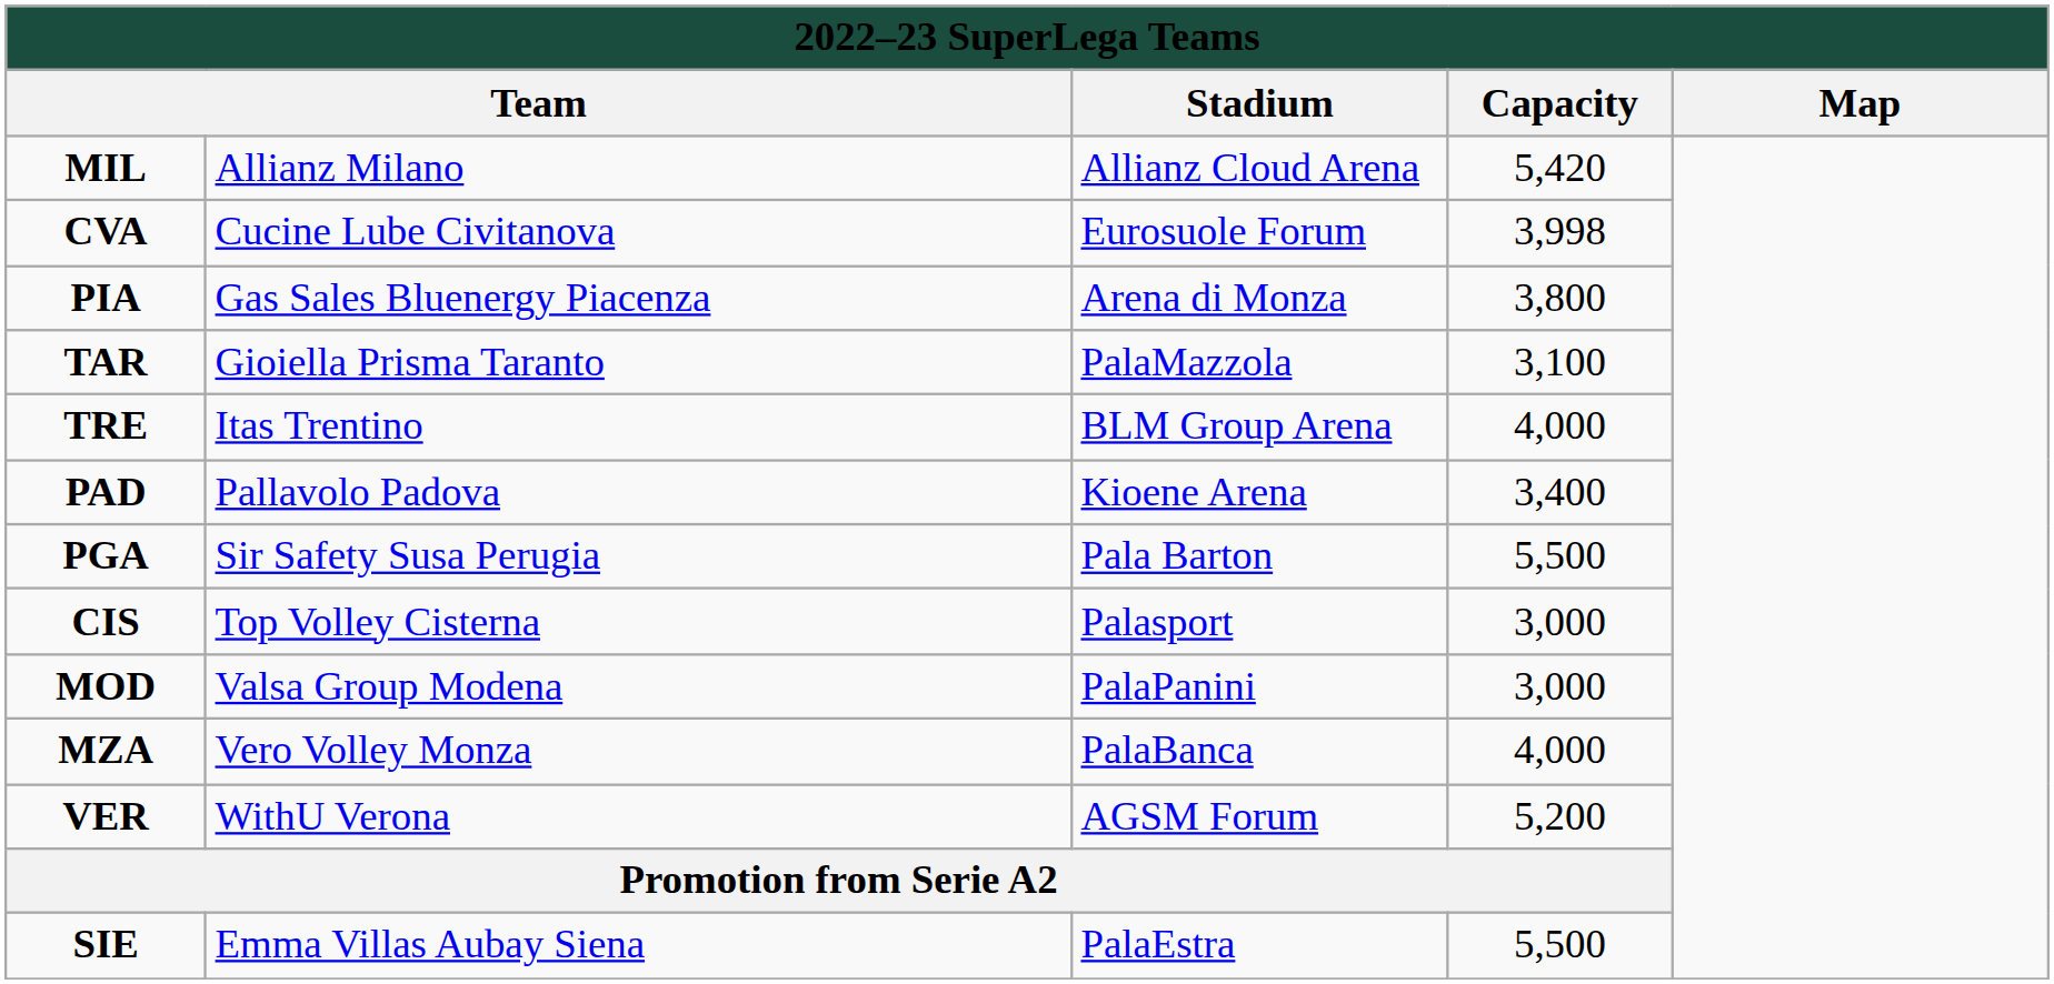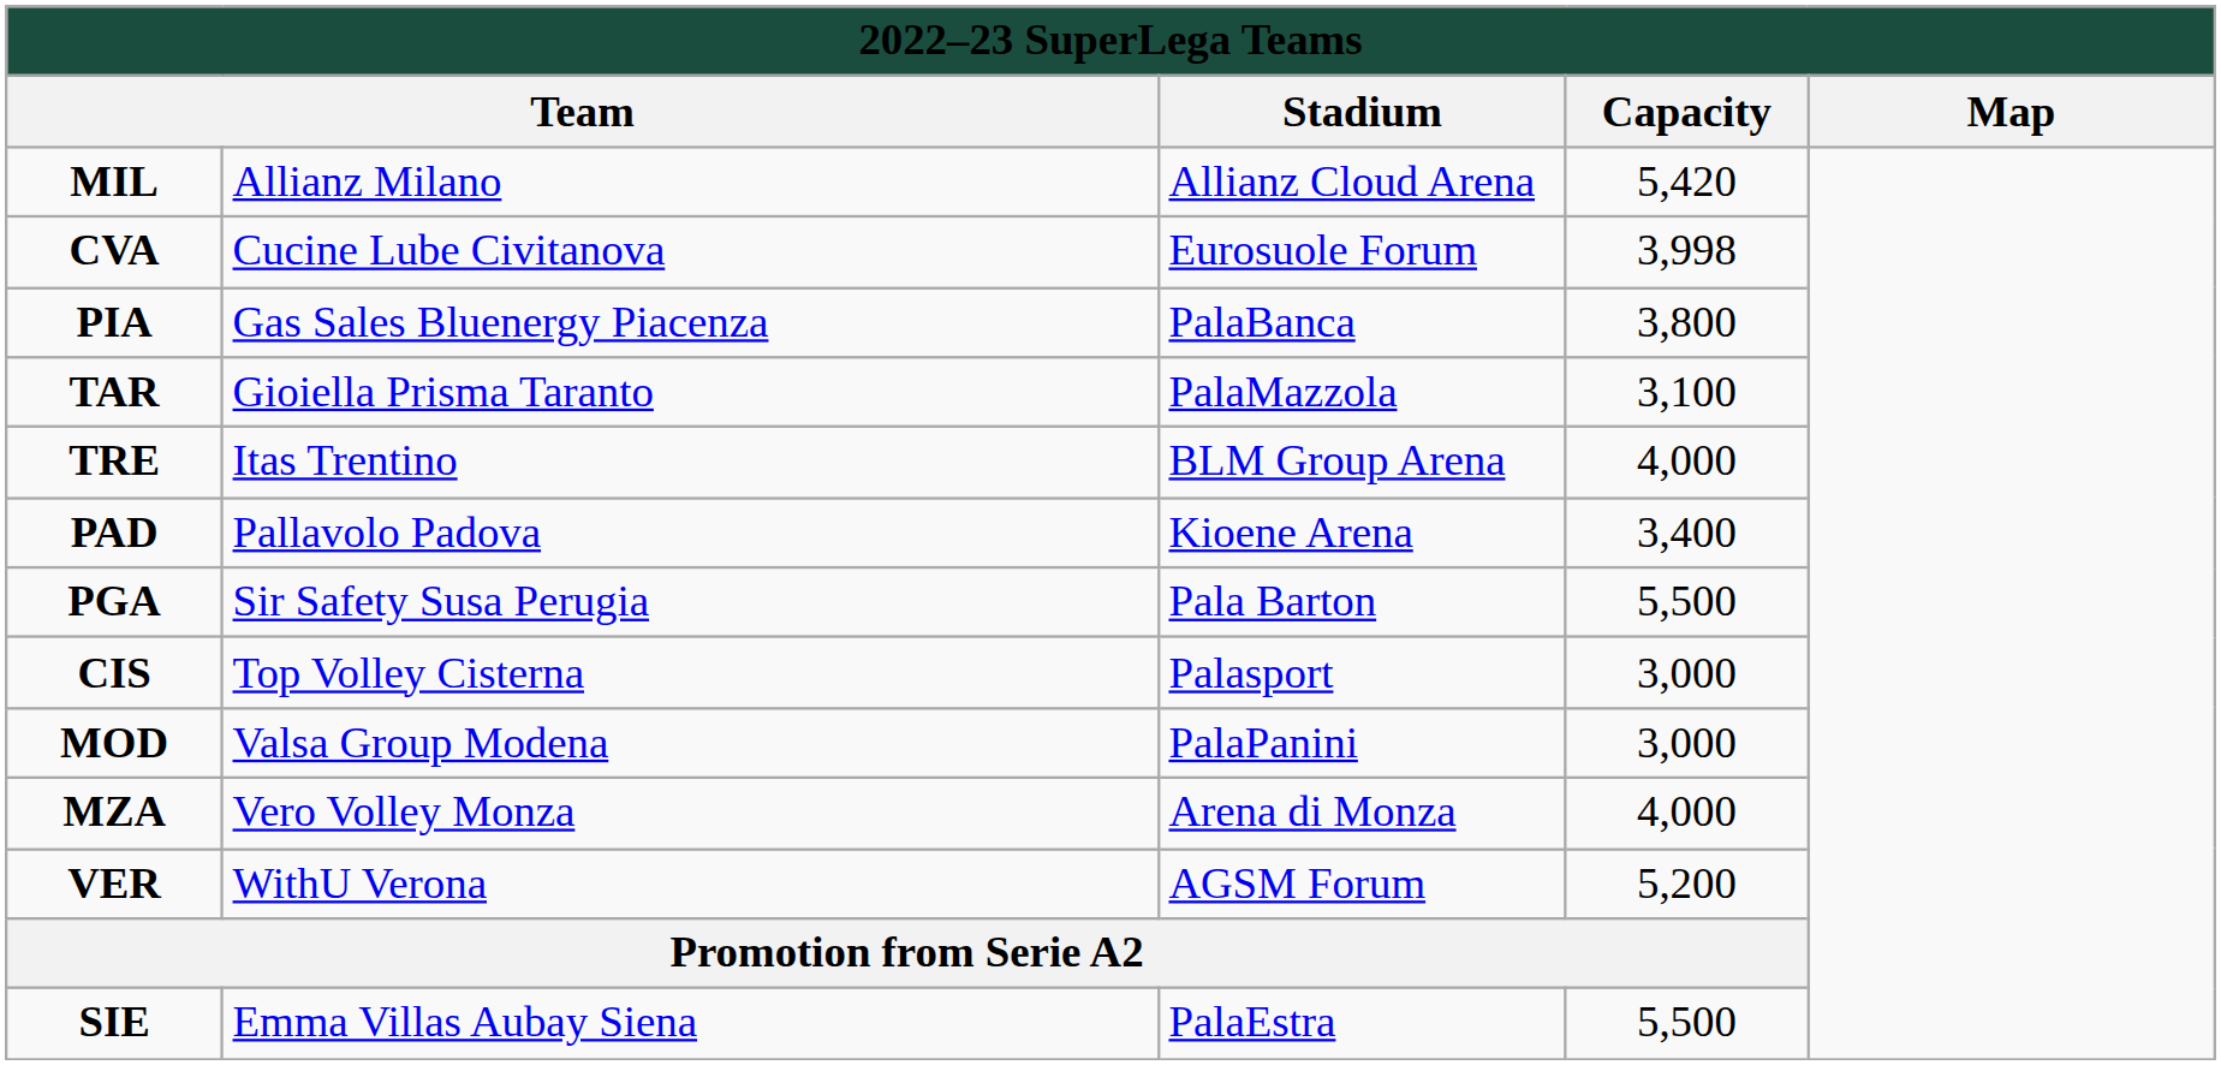 <table class="wikitable" width=800>
 <tr>
 <th style=background:#1B4D3E colspan=5><span> 2022–23 SuperLega Teams</span></th>
 </tr>
 <tr>
 <th colspan=2 style="text-align: center; border: 1px solid darkgrey; width: 220px;">Team</th>
 <th style="text-align: center; border: 1px solid darkgrey; width: 140px;">Stadium</th>
 <th style="text-align: center; border: 1px solid darkgrey; width: 80px;">Capacity</th>
 <th style="text-align: center; border: 1px solid darkgrey; width: 140px;">Map</th>
 </tr>
 <tr>
 <td style="text-align: center; border: 1px solid darkgrey;"><strong>MIL</strong></td>
 <td style="text-align: left; border: 1px solid darkgrey;"><a href='#'>Allianz Milano</a></td>
 <td style="text-align: left; border: 1px solid darkgrey;"><a href='#'>Allianz Cloud Arena</a></td>
 <td style="text-align: center; border: 1px solid darkgrey;">5,420</td>
 <td rowspan=14></td>
 </tr>
 <tr>
 <td style="text-align: center; border: 1px solid darkgrey;"><strong>CVA</strong></td>
 <td style="text-align: left; border: 1px solid darkgrey;"><a href='#'>Cucine Lube Civitanova</a></td>
 <td style="text-align: left; border: 1px solid darkgrey;"><a href='#'>Eurosuole Forum</a></td>
 <td style="text-align: center; border: 1px solid darkgrey;">3,998</td>
 </tr>
 <tr>
 <td style="text-align: center; border: 1px solid darkgrey;"><strong>PIA</strong></td>
 <td style="text-align: left; border: 1px solid darkgrey;"><a href='#'>Gas Sales Bluenergy Piacenza</a></td>
-<td style="text-align: left; border: 1px solid darkgrey;"><a href='#'>Arena di Monza</a></td>
+<td style="text-align: left; border: 1px solid darkgrey;"><a href='#'>PalaBanca</a></td>
 <td style="text-align: center; border: 1px solid darkgrey;">3,800</td>
 </tr>
 <tr>
 <td style="text-align: center; border: 1px solid darkgrey;"><strong>TAR</strong></td>
 <td style="text-align: left; border: 1px solid darkgrey;"><a href='#'>Gioiella Prisma Taranto</a></td>
 <td style="text-align: left; border: 1px solid darkgrey;"><a href='#'>PalaMazzola</a></td>
 <td style="text-align: center; border: 1px solid darkgrey;">3,100</td>
 </tr>
 <tr>
 <td style="text-align: center; border: 1px solid darkgrey;"><strong>TRE</strong></td>
 <td style="text-align: left; border: 1px solid darkgrey;"><a href='#'>Itas Trentino</a></td>
 <td style="text-align: left; border: 1px solid darkgrey;"><a href='#'>BLM Group Arena</a></td>
 <td style="text-align: center; border: 1px solid darkgrey;">4,000</td>
 </tr>
 <tr>
 <td style="text-align: center; border: 1px solid darkgrey;"><strong>PAD</strong></td>
 <td style="text-align: left; border: 1px solid darkgrey;"><a href='#'>Pallavolo Padova</a></td>
 <td style="text-align: left; border: 1px solid darkgrey;"><a href='#'>Kioene Arena</a></td>
 <td style="text-align: center; border: 1px solid darkgrey;">3,400</td>
 </tr>
 <tr>
 <td style="text-align: center; border: 1px solid darkgrey;"><strong>PGA</strong></td>
 <td style="text-align: left; border: 1px solid darkgrey;"><a href='#'>Sir Safety Susa Perugia</a></td>
 <td style="text-align: left; border: 1px solid darkgrey;"><a href='#'>Pala Barton</a></td>
 <td style="text-align: center; border: 1px solid darkgrey;">5,500</td>
 </tr>
 <tr>
 <td style="text-align: center; border: 1px solid darkgrey;"><strong>CIS</strong></td>
 <td style="text-align: left; border: 1px solid darkgrey;"><a href='#'>Top Volley Cisterna</a></td>
 <td style="text-align: left; border: 1px solid darkgrey;"><a href='#'>Palasport</a></td>
 <td style="text-align: center; border: 1px solid darkgrey;">3,000</td>
 </tr>
 <tr>
 <td style="text-align: center; border: 1px solid darkgrey;"><strong>MOD</strong></td>
 <td style="text-align: left; border: 1px solid darkgrey;"><a href='#'>Valsa Group Modena</a></td>
 <td style="text-align: left; border: 1px solid darkgrey;"><a href='#'>PalaPanini</a></td>
 <td style="text-align: center; border: 1px solid darkgrey;">3,000</td>
 </tr>
 <tr>
 <td style="text-align: center; border: 1px solid darkgrey;"><strong>MZA</strong></td>
 <td style="text-align: left; border: 1px solid darkgrey;"><a href='#'>Vero Volley Monza</a></td>
-<td style="text-align: left; border: 1px solid darkgrey;"><a href='#'>PalaBanca</a></td>
+<td style="text-align: left; border: 1px solid darkgrey;"><a href='#'>Arena di Monza</a></td>
 <td style="text-align: center; border: 1px solid darkgrey;">4,000</td>
 </tr>
 <tr>
 <td style="text-align: center; border: 1px solid darkgrey;"><strong>VER</strong></td>
 <td style="text-align: left; border: 1px solid darkgrey;"><a href='#'>WithU Verona</a></td>
 <td style="text-align: left; border: 1px solid darkgrey;"><a href='#'>AGSM Forum</a></td>
 <td style="text-align: center; border: 1px solid darkgrey;">5,200</td>
 </tr>
 <tr>
 <th colspan=4 style="text-align: center; border: 1px solid darkgrey;"> Promotion from Serie A2</th>
 </tr>
 <tr>
 <td style="text-align: center; border: 1px solid darkgrey;"><strong>SIE</strong></td>
 <td style="text-align: left; border: 1px solid darkgrey"><a href='#'>Emma Villas Aubay Siena</a></td>
 <td style="text-align: left; border: 1px solid darkgrey;"><a href='#'>PalaEstra</a></td>
 <td style="text-align: center; border: 1px solid darkgrey;">5,500</td>
 </tr>
 </table>
